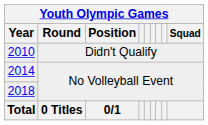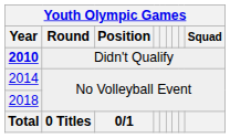 <table class="wikitable" style="text-align: center;">
 <tr>
 <th colspan=9><a href='#'>Youth Olympic Games</a></th>
 </tr>
 <tr>
 <th>Year</th>
 <th>Round</th>
 <th>Position</th>
 <th></th>
 <th></th>
 <th></th>
 <th></th>
 <th></th>
 <th><small>Squad</small></th>
 </tr>
 <tr bgcolor="efefef">
-<td> <a href='#'>2010</a></td>
+<td><strong> <a href='#'>2010</a></strong></td>
 <td colspan=9>Didn't Qualify</td>
 </tr>
 <tr bgcolor="efefef">
 <td> <a href='#'>2014</a></td>
 <td colspan=9 rowspan=2 align=center>No Volleyball Event</td>
 </tr>
 <tr bgcolor="efefef">
 <td> <a href='#'>2018</a></td>
 </tr>
 <tr>
 <th>Total</th>
 <th>0 Titles</th>
 <th>0/1</th>
 <th></th>
 <th></th>
 <th></th>
 <th></th>
 <th></th>
 <th></th>
 </tr>
 </table>
